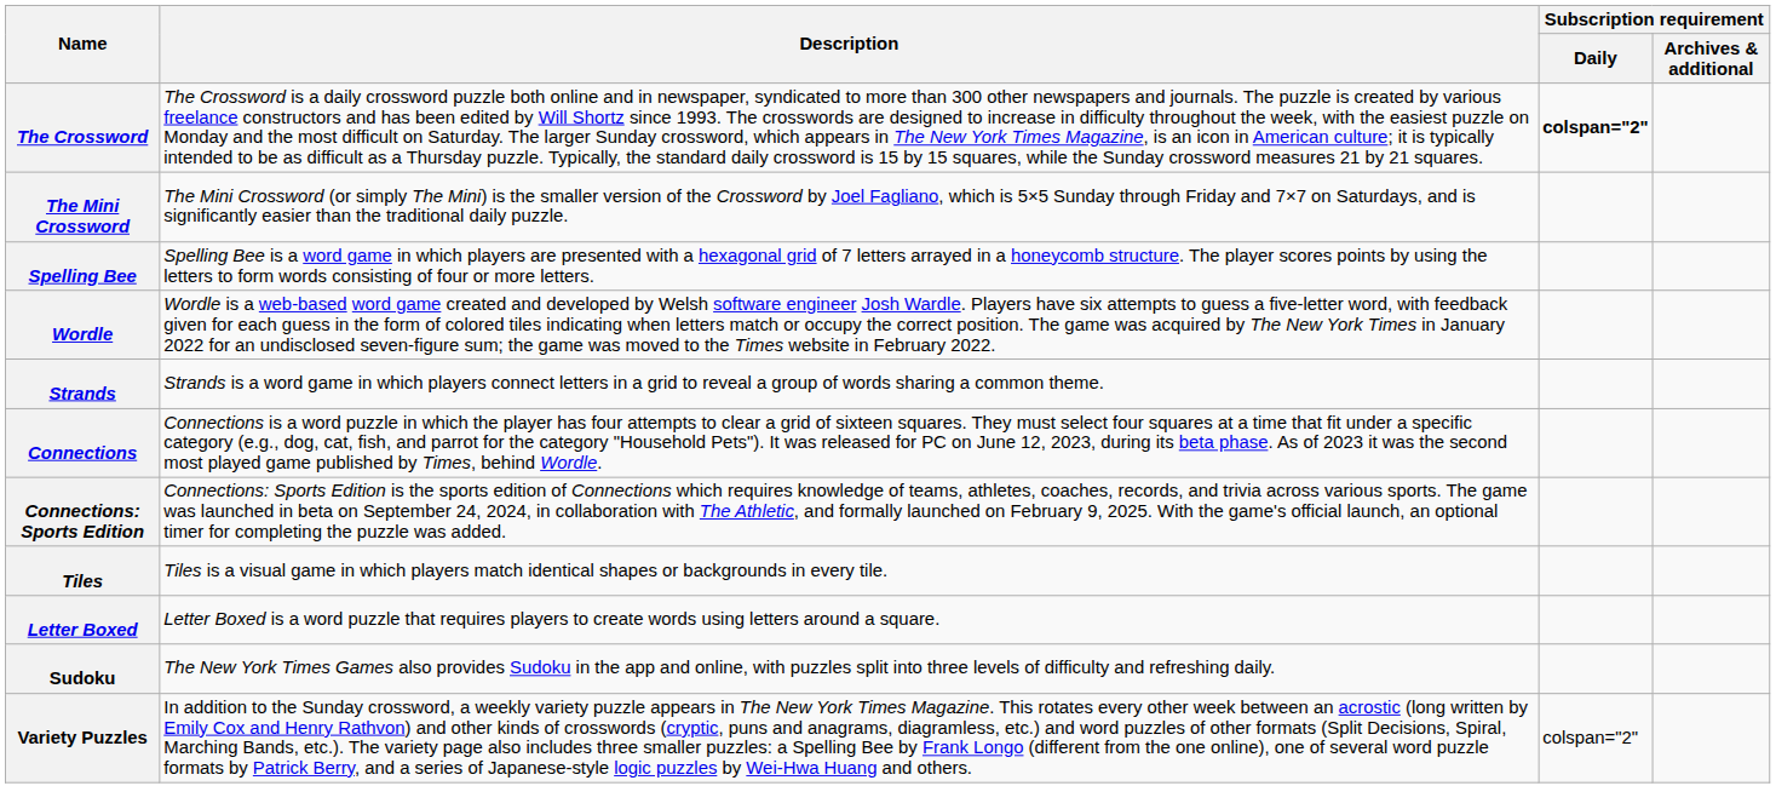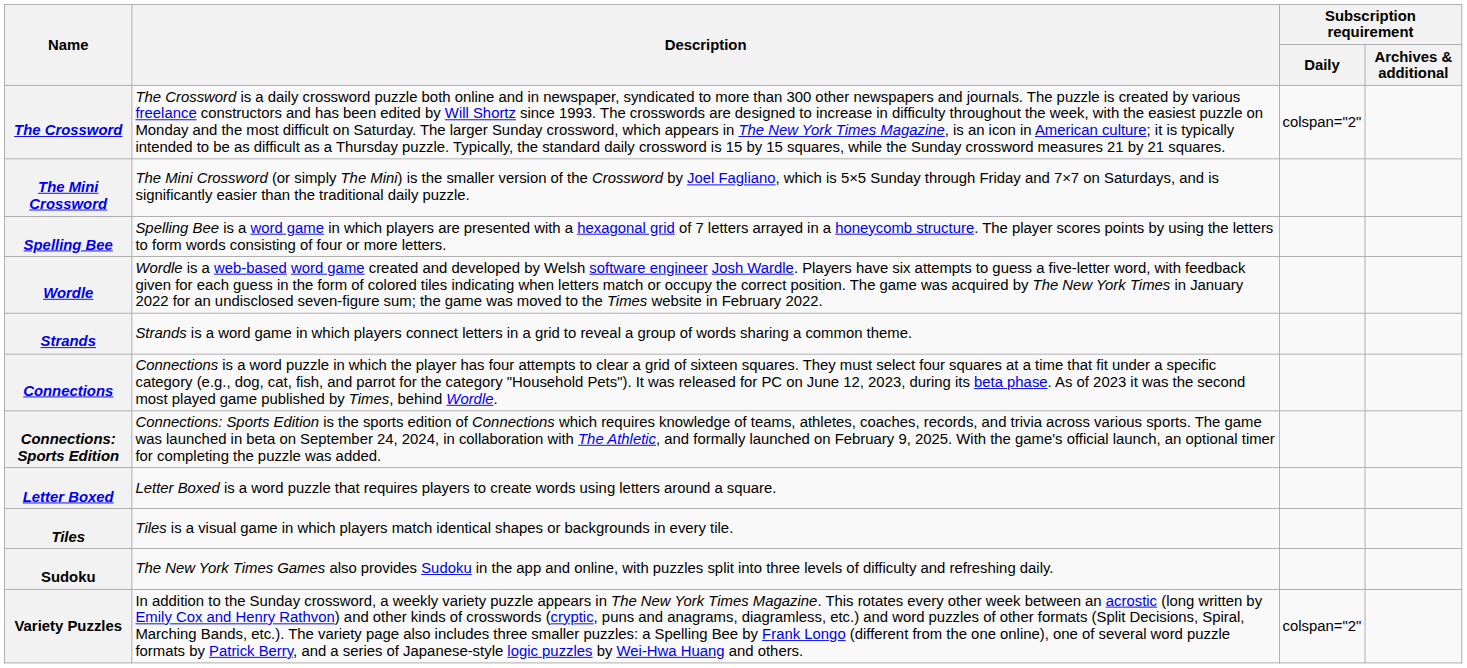 <table class="wikitable">
 <tr>
 <th rowspan="2">Name</th>
 <th rowspan="2">Description</th>
 <th colspan="2">Subscription requirement</th>
 </tr>
 <tr>
 <th>Daily</th>
 <th>Archives & additional</th>
 </tr>
 <tr>
 <th><br><a href='#'><em>The Crossword</em></a></th>
 <td><em>The Crossword</em> is a daily crossword puzzle both online and in newspaper, syndicated to more than 300 other newspapers and journals. The puzzle is created by various <a href='#'>freelance</a> constructors and has been edited by <a href='#'>Will Shortz</a> since 1993. The crosswords are designed to increase in difficulty throughout the week, with the easiest puzzle on Monday and the most difficult on Saturday. The larger Sunday crossword, which appears in <em><a href='#'>The New York Times Magazine</a></em>, is an icon in <a href='#'>American culture</a>; it is typically intended to be as difficult as a Thursday puzzle. Typically, the standard daily crossword is 15 by 15 squares, while the Sunday crossword measures 21 by 21 squares.</td>
-<td><strong>colspan="2" </strong></td>
+<td>colspan="2" </td>
 </tr>
 <tr>
 <th><br><em><a href='#'>The Mini Crossword</a></em></th>
 <td><em>The Mini Crossword</em> (or simply <em>The</em> <em>Mini</em>) is the smaller version of the <em>Crossword</em> by <a href='#'>Joel Fagliano</a>, which is 5×5 Sunday through Friday and 7×7 on Saturdays, and is significantly easier than the traditional daily puzzle.</td>
 <td></td>
 <td></td>
 </tr>
 <tr>
 <th><br><em><a href='#'>Spelling Bee</a></em></th>
 <td><em>Spelling Bee</em> is a <a href='#'>word game</a> in which players are presented with a <a href='#'>hexagonal grid</a> of 7 letters arrayed in a <a href='#'>honeycomb structure</a>. The player scores points by using the letters to form words consisting of four or more letters.</td>
 <td></td>
 <td></td>
 </tr>
 <tr>
 <th><br><em><a href='#'>Wordle</a></em></th>
 <td><em>Wordle</em> is a <a href='#'>web-based</a> <a href='#'>word game</a> created and developed by Welsh <a href='#'>software engineer</a> <a href='#'>Josh Wardle</a>. Players have six attempts to guess a five-letter word, with feedback given for each guess in the form of colored tiles indicating when letters match or occupy the correct position. The game was acquired by <em>The New York Times</em> in January 2022 for an undisclosed seven-figure sum; the game was moved to the <em>Times</em> website in February 2022.</td>
 <td></td>
 <td></td>
 </tr>
 <tr>
 <th><br><em><a href='#'>Strands</a></em></th>
 <td><em>Strands</em> is a word game in which players connect letters in a grid to reveal a group of words sharing a common theme.</td>
 <td></td>
 <td></td>
 </tr>
 <tr>
 <th><br><em><a href='#'>Connections</a></em></th>
 <td><em>Connections</em> is a word puzzle in which the player has four attempts to clear a grid of sixteen squares. They must select four squares at a time that fit under a specific category (e.g., dog, cat, fish, and parrot for the category "Household Pets"). It was released for PC on June 12, 2023, during its <a href='#'>beta phase</a>. As of 2023 it was the second most played game published by <em>Times</em>, behind <em><a href='#'>Wordle</a></em>.</td>
 <td></td>
 <td></td>
 </tr>
 <tr>
 <th><br><em>Connections: Sports Edition</em></th>
 <td><em>Connections: Sports Edition</em> is the sports edition of <em>Connections</em> which requires knowledge of teams, athletes, coaches, records, and trivia across various sports. The game was launched in beta on September 24, 2024, in collaboration with <em><a href='#'>The Athletic</a></em>, and formally launched on February 9, 2025. With the game's official launch, an optional timer for completing the puzzle was added.</td>
 <td></td>
 <td></td>
 </tr>
 <tr>
-<th><br><em>Tiles</em></th>
-<td><em>Tiles</em> is a visual game in which players match identical shapes or backgrounds in every tile.</td>
+<th><br><em><a href='#'>Letter Boxed</a></em></th>
+<td><em>Letter Boxed</em> is a word puzzle that requires players to create words using letters around a square.</td>
 <td></td>
 <td></td>
 </tr>
 <tr>
-<th><br><em><a href='#'>Letter Boxed</a></em></th>
-<td><em>Letter Boxed</em> is a word puzzle that requires players to create words using letters around a square.</td>
+<th><br><em>Tiles</em></th>
+<td><em>Tiles</em> is a visual game in which players match identical shapes or backgrounds in every tile.</td>
 <td></td>
 <td></td>
 </tr>
 <tr>
 <th><br>Sudoku</th>
 <td><em>The New York Times Games</em> also provides <a href='#'>Sudoku</a> in the app and online, with puzzles split into three levels of difficulty and refreshing daily.</td>
 <td></td>
 <td></td>
 </tr>
 <tr>
 <th>Variety Puzzles</th>
 <td>In addition to the Sunday crossword, a weekly variety puzzle appears in <em>The New York Times Magazine</em>. This rotates  every other week between an <a href='#'>acrostic</a> (long written by <a href='#'>Emily Cox and Henry Rathvon</a>) and other kinds of crosswords (<a href='#'>cryptic</a>, puns and anagrams, diagramless, etc.) and word puzzles of other formats (Split Decisions, Spiral, Marching Bands, etc.). The variety page also includes three smaller puzzles: a Spelling Bee by <a href='#'>Frank Longo</a> (different from the one online), one of several word puzzle formats by <a href='#'>Patrick Berry</a>, and a series of Japanese-style <a href='#'>logic puzzles</a> by <a href='#'>Wei-Hwa Huang</a> and others.</td>
 <td>colspan="2" </td>
 </tr>
 </table>
